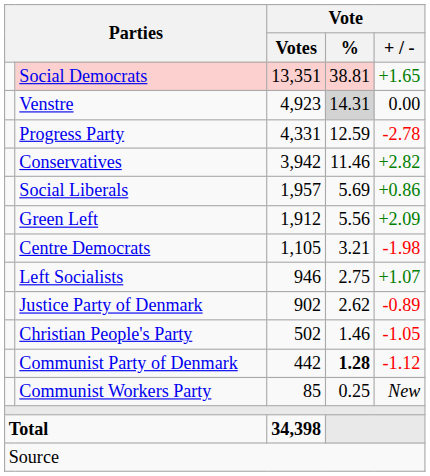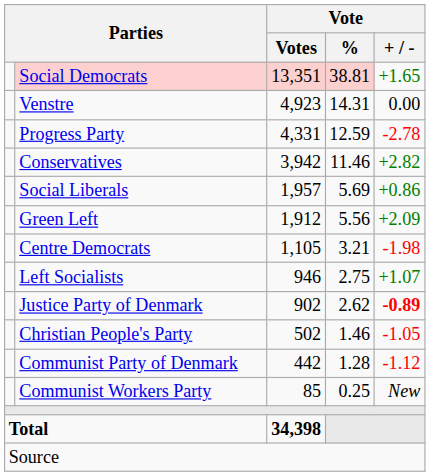 <table class="wikitable" style="text-align:right;">
 <tr>
 <th style="text-align:centre;" rowspan="2" colspan="2" width="225">Parties</th>
 <th colspan="3">Vote</th>
 </tr>
 <tr>
 <th width="15">Votes</th>
 <th width="15">%</th>
 <th width="15">+ / -</th>
 </tr>
 <tr>
 <td width="2" style="color:inherit;background:"></td>
 <td bgcolor=#fbd0ce  align="left"><a href='#'>Social Democrats</a></td>
 <td bgcolor=#fbd0ce>13,351</td>
 <td bgcolor=#fbd0ce>38.81</td>
 <td style=color:green;>+1.65</td>
 </tr>
 <tr>
 <td width="2" style="color:inherit;background:"></td>
 <td align="left"><a href='#'>Venstre</a></td>
 <td>4,923</td>
-<td style="background: lightgrey;">14.31</td>
+<td>14.31</td>
 <td>0.00</td>
 </tr>
 <tr>
 <td width="2" style="color:inherit;background:"></td>
 <td align="left"><a href='#'>Progress Party</a></td>
 <td>4,331</td>
 <td>12.59</td>
 <td style=color:red;>-2.78</td>
 </tr>
 <tr>
 <td width="2" style="color:inherit;background:"></td>
 <td align="left"><a href='#'>Conservatives</a></td>
 <td>3,942</td>
 <td>11.46</td>
 <td style=color:green;>+2.82</td>
 </tr>
 <tr>
 <td width="2" style="color:inherit;background:"></td>
 <td align="left"><a href='#'>Social Liberals</a></td>
 <td>1,957</td>
 <td>5.69</td>
 <td style=color:green;>+0.86</td>
 </tr>
 <tr>
 <td width="2" style="color:inherit;background:"></td>
 <td align="left"><a href='#'>Green Left</a></td>
 <td>1,912</td>
 <td>5.56</td>
 <td style=color:green;>+2.09</td>
 </tr>
 <tr>
 <td width="2" style="color:inherit;background:"></td>
 <td align="left"><a href='#'>Centre Democrats</a></td>
 <td>1,105</td>
 <td>3.21</td>
 <td style=color:red;>-1.98</td>
 </tr>
 <tr>
 <td width="2" style="color:inherit;background:"></td>
 <td align="left"><a href='#'>Left Socialists</a></td>
 <td>946</td>
 <td>2.75</td>
 <td style=color:green;>+1.07</td>
 </tr>
 <tr>
 <td width="2" style="color:inherit;background:"></td>
 <td align="left"><a href='#'>Justice Party of Denmark</a></td>
 <td>902</td>
 <td>2.62</td>
-<td style=color:red;>-0.89</td>
+<td style=color:red;><strong>-0.89</strong></td>
 </tr>
 <tr>
 <td width="2" style="color:inherit;background:"></td>
 <td align="left"><a href='#'>Christian People's Party</a></td>
 <td>502</td>
 <td>1.46</td>
 <td style=color:red;>-1.05</td>
 </tr>
 <tr>
 <td width="2" style="color:inherit;background:"></td>
 <td align="left"><a href='#'>Communist Party of Denmark</a></td>
 <td>442</td>
-<td><strong>1.28</strong></td>
+<td>1.28</td>
 <td style=color:red;>-1.12</td>
 </tr>
 <tr>
 <td width="2" style="color:inherit;background:"></td>
 <td align="left"><a href='#'>Communist Workers Party</a></td>
 <td>85</td>
 <td>0.25</td>
 <td><em>New</em></td>
 </tr>
 <tr>
 <td colspan="7" bgcolor="#E9E9E9"></td>
 </tr>
 <tr>
 <td align="left" colspan="2"><strong>Total</strong></td>
 <td><strong>34,398</strong></td>
 <td bgcolor="#E9E9E9" colspan="2"></td>
 </tr>
 <tr>
 <td align="left" colspan="6">Source</td>
 </tr>
 </table>
